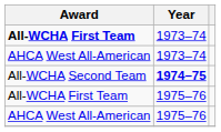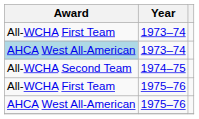 <table class="wikitable">
 <tr>
 <th>Award</th>
 <th>Year</th>
 <th></th>
 </tr>
 <tr>
-<td><strong>All-<a href='#'>WCHA</a> <a href='#'>First Team</a></strong></td>
+<td>All-<a href='#'>WCHA</a> <a href='#'>First Team</a></td>
 <td><a href='#'>1973–74</a></td>
 <td></td>
 </tr>
 <tr>
-<td><a href='#'>AHCA</a> <a href='#'>West All-American</a></td>
+<td style="background: lightblue;"><a href='#'>AHCA</a> <a href='#'>West All-American</a></td>
 <td><a href='#'>1973–74</a></td>
 <td></td>
 </tr>
 <tr>
 <td>All-<a href='#'>WCHA</a> <a href='#'>Second Team</a></td>
-<td><strong><a href='#'>1974–75</a></strong></td>
+<td><a href='#'>1974–75</a></td>
 <td></td>
 </tr>
 <tr>
 <td>All-<a href='#'>WCHA</a> <a href='#'>First Team</a></td>
 <td><a href='#'>1975–76</a></td>
 <td></td>
 </tr>
 <tr>
 <td><a href='#'>AHCA</a> <a href='#'>West All-American</a></td>
 <td><a href='#'>1975–76</a></td>
 <td></td>
 </tr>
 <tr>
 </tr>
 </table>
